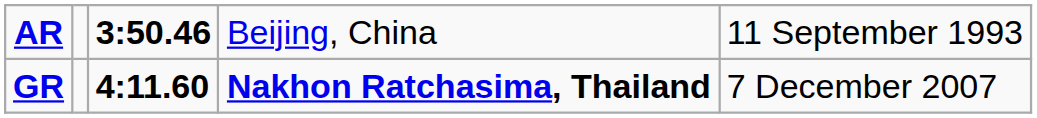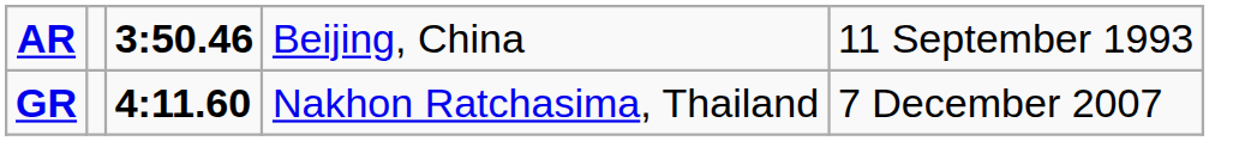 <table class="wikitable" style="font-size:95%; position:relative;">
 <tr>
 <td align=center><strong><a href='#'>AR</a></strong></td>
 <td></td>
 <td><strong>3:50.46</strong></td>
 <td><a href='#'>Beijing</a>, China</td>
 <td>11 September 1993</td>
 </tr>
 <tr>
 <td align=center><strong><a href='#'>GR</a></strong></td>
 <td></td>
 <td><strong>4:11.60</strong></td>
-<td><strong><a href='#'>Nakhon Ratchasima</a>, Thailand</strong></td>
+<td><a href='#'>Nakhon Ratchasima</a>, Thailand</td>
 <td>7 December 2007</td>
 </tr>
 </table>
